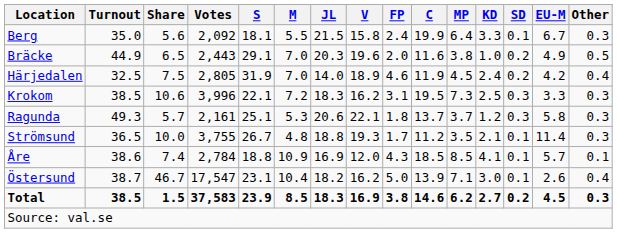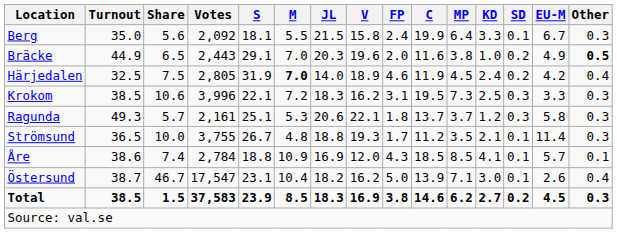 <table class="wikitable sortable" style=text-align:right>
 <tr>
 <th>Location</th>
 <th>Turnout</th>
 <th>Share</th>
 <th>Votes</th>
 <th><a href='#'>S</a></th>
 <th><a href='#'>M</a></th>
 <th><a href='#'>JL</a></th>
 <th><a href='#'>V</a></th>
 <th><a href='#'>FP</a></th>
 <th><a href='#'>C</a></th>
 <th><a href='#'>MP</a></th>
 <th><a href='#'>KD</a></th>
 <th><a href='#'>SD</a></th>
 <th><a href='#'>EU-M</a></th>
 <th>Other</th>
 </tr>
 <tr>
 <td align=left><a href='#'>Berg</a></td>
 <td>35.0</td>
 <td>5.6</td>
 <td>2,092</td>
 <td>18.1</td>
 <td>5.5</td>
 <td>21.5</td>
 <td>15.8</td>
 <td>2.4</td>
 <td>19.9</td>
 <td>6.4</td>
 <td>3.3</td>
 <td>0.1</td>
 <td>6.7</td>
 <td>0.3</td>
 </tr>
 <tr>
 <td align=left><a href='#'>Bräcke</a></td>
 <td>44.9</td>
 <td>6.5</td>
 <td>2,443</td>
 <td>29.1</td>
 <td>7.0</td>
 <td>20.3</td>
 <td>19.6</td>
 <td>2.0</td>
 <td>11.6</td>
 <td>3.8</td>
 <td>1.0</td>
 <td>0.2</td>
 <td>4.9</td>
-<td>0.5</td>
+<td><strong>0.5</strong></td>
 </tr>
 <tr>
 <td align=left><a href='#'>Härjedalen</a></td>
 <td>32.5</td>
 <td>7.5</td>
 <td>2,805</td>
 <td>31.9</td>
-<td>7.0</td>
+<td><strong>7.0</strong></td>
 <td>14.0</td>
 <td>18.9</td>
 <td>4.6</td>
 <td>11.9</td>
 <td>4.5</td>
 <td>2.4</td>
 <td>0.2</td>
 <td>4.2</td>
 <td>0.4</td>
 </tr>
 <tr>
 <td align=left><a href='#'>Krokom</a></td>
 <td>38.5</td>
 <td>10.6</td>
 <td>3,996</td>
 <td>22.1</td>
 <td>7.2</td>
 <td>18.3</td>
 <td>16.2</td>
 <td>3.1</td>
 <td>19.5</td>
 <td>7.3</td>
 <td>2.5</td>
 <td>0.3</td>
 <td>3.3</td>
 <td>0.3</td>
 </tr>
 <tr>
 <td align=left><a href='#'>Ragunda</a></td>
 <td>49.3</td>
 <td>5.7</td>
 <td>2,161</td>
 <td>25.1</td>
 <td>5.3</td>
 <td>20.6</td>
 <td>22.1</td>
 <td>1.8</td>
 <td>13.7</td>
 <td>3.7</td>
 <td>1.2</td>
 <td>0.3</td>
 <td>5.8</td>
 <td>0.3</td>
 </tr>
 <tr>
 <td align=left><a href='#'>Strömsund</a></td>
 <td>36.5</td>
 <td>10.0</td>
 <td>3,755</td>
 <td>26.7</td>
 <td>4.8</td>
 <td>18.8</td>
 <td>19.3</td>
 <td>1.7</td>
 <td>11.2</td>
 <td>3.5</td>
 <td>2.1</td>
 <td>0.1</td>
 <td>11.4</td>
 <td>0.3</td>
 </tr>
 <tr>
 <td align=left><a href='#'>Åre</a></td>
 <td>38.6</td>
 <td>7.4</td>
 <td>2,784</td>
 <td>18.8</td>
 <td>10.9</td>
 <td>16.9</td>
 <td>12.0</td>
 <td>4.3</td>
 <td>18.5</td>
 <td>8.5</td>
 <td>4.1</td>
 <td>0.1</td>
 <td>5.7</td>
 <td>0.1</td>
 </tr>
 <tr>
 <td align=left><a href='#'>Östersund</a></td>
 <td>38.7</td>
 <td>46.7</td>
 <td>17,547</td>
 <td>23.1</td>
 <td>10.4</td>
 <td>18.2</td>
 <td>16.2</td>
 <td>5.0</td>
 <td>13.9</td>
 <td>7.1</td>
 <td>3.0</td>
 <td>0.1</td>
 <td>2.6</td>
 <td>0.4</td>
 </tr>
 <tr>
 <td align=left><strong>Total</strong></td>
 <td><strong>38.5</strong></td>
 <td><strong>1.5</strong></td>
 <td><strong>37,583</strong></td>
 <td><strong>23.9</strong></td>
 <td><strong>8.5</strong></td>
 <td><strong>18.3</strong></td>
 <td><strong>16.9</strong></td>
 <td><strong>3.8</strong></td>
 <td><strong>14.6</strong></td>
 <td><strong>6.2</strong></td>
 <td><strong>2.7</strong></td>
 <td><strong>0.2</strong></td>
 <td><strong>4.5</strong></td>
 <td><strong>0.3</strong></td>
 </tr>
 <tr>
 <td align=left colspan=15>Source: val.se </td>
 </tr>
 </table>
